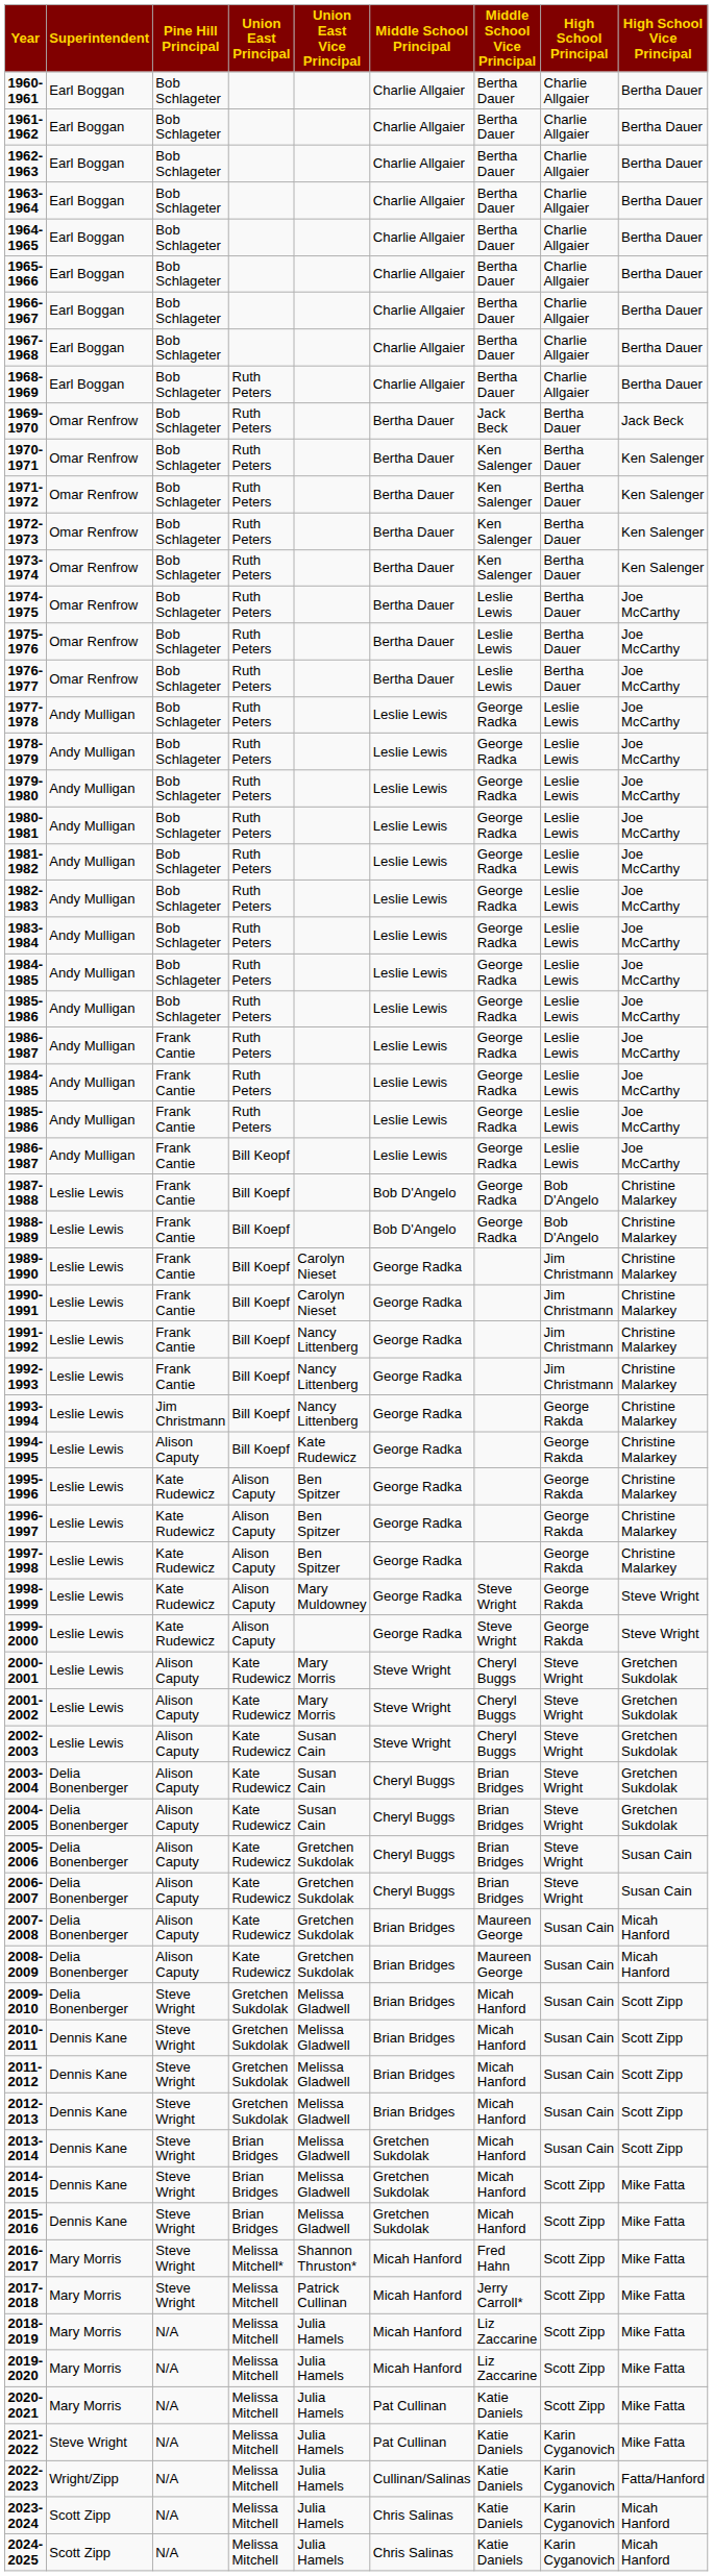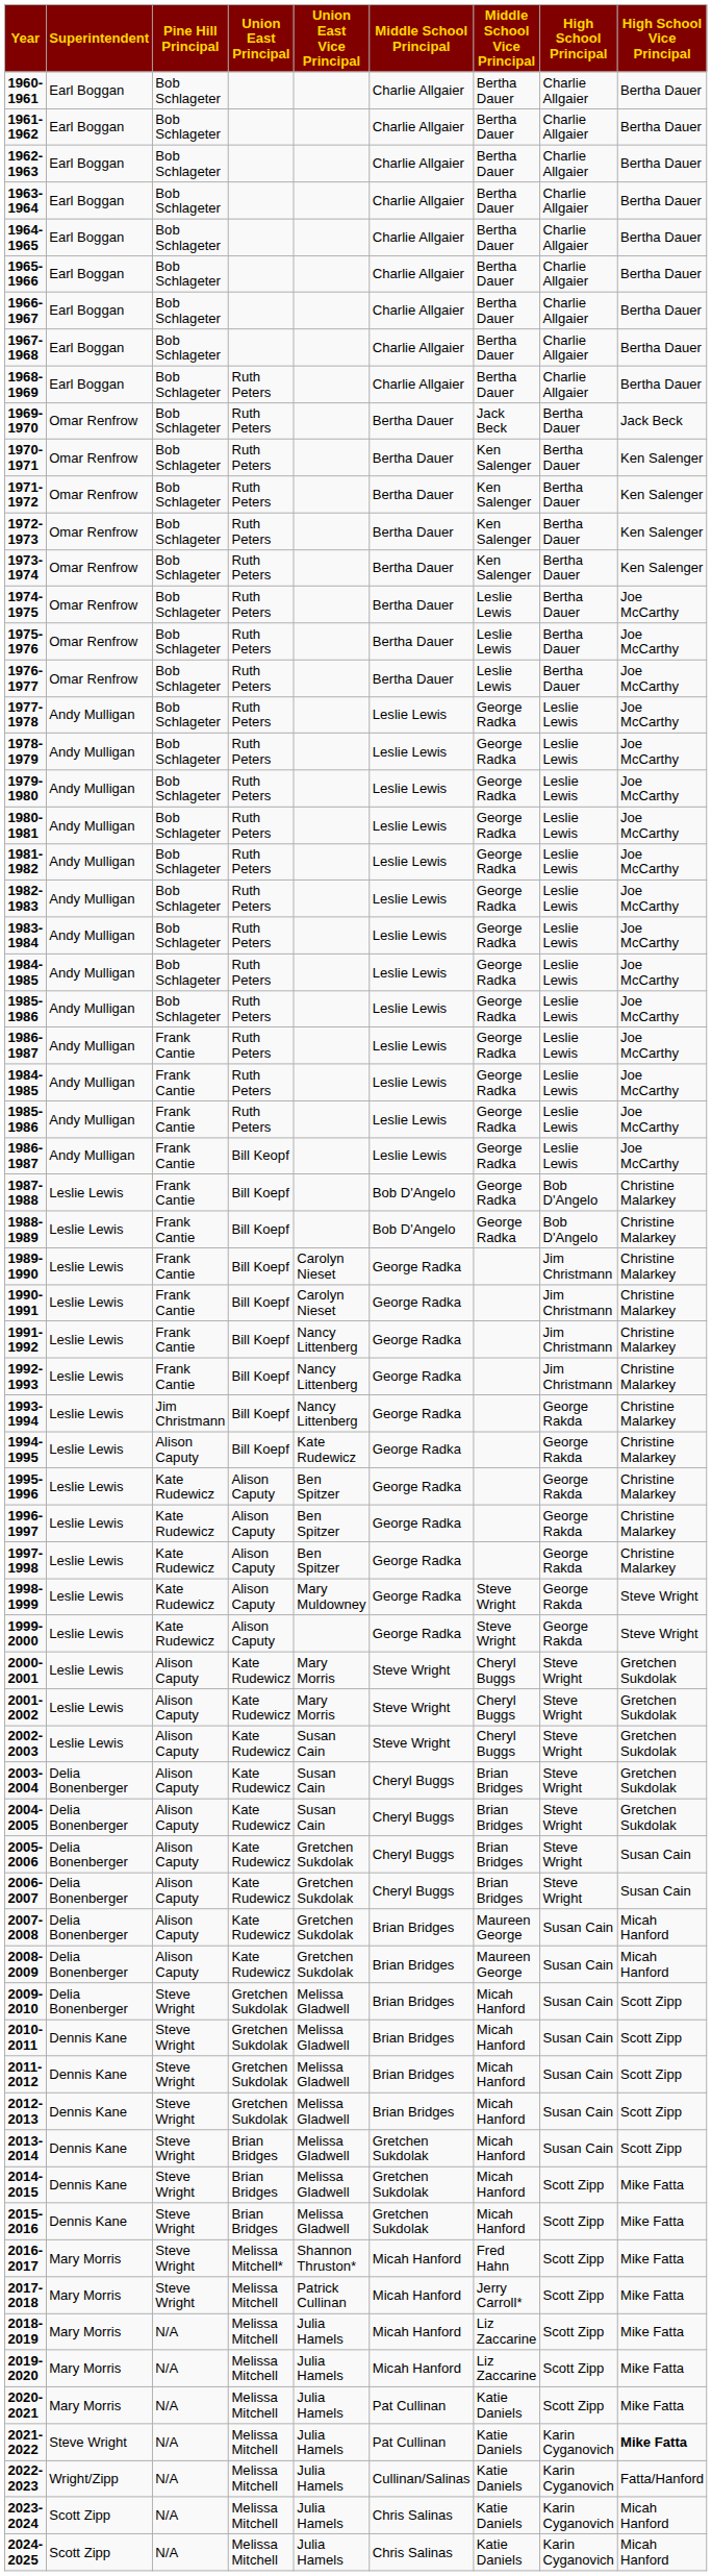 <table class="wikitable" style="width:110%; font-size:90%">
 <tr>
 <th style="background:maroon; color:gold">Year</th>
 <th style="background:maroon; color:gold">Superintendent</th>
 <th style="background:maroon; color:gold">Pine Hill<br> Principal</th>
 <th style="background:maroon; color:gold">Union East<br>Principal</th>
 <th style="background:maroon; color:gold">Union East<br>Vice Principal</th>
 <th style="background:maroon; color:gold">Middle School<br>Principal</th>
 <th style="background:maroon; color:gold">Middle School<br>Vice Principal</th>
 <th style="background:maroon; color:gold">High School<br>Principal</th>
 <th style="background:maroon; color:gold">High School<br>Vice Principal</th>
 </tr>
 <tr>
 <td><strong>1960-1961</strong></td>
 <td>Earl Boggan</td>
 <td>Bob Schlageter</td>
 <td></td>
 <td></td>
 <td>Charlie Allgaier</td>
 <td>Bertha Dauer</td>
 <td>Charlie Allgaier</td>
 <td>Bertha Dauer</td>
 </tr>
 <tr>
 <td><strong>1961-1962</strong></td>
 <td>Earl Boggan</td>
 <td>Bob Schlageter</td>
 <td></td>
 <td></td>
 <td>Charlie Allgaier</td>
 <td>Bertha Dauer</td>
 <td>Charlie Allgaier</td>
 <td>Bertha Dauer</td>
 </tr>
 <tr>
 <td><strong>1962-1963</strong></td>
 <td>Earl Boggan</td>
 <td>Bob Schlageter</td>
 <td></td>
 <td></td>
 <td>Charlie Allgaier</td>
 <td>Bertha Dauer</td>
 <td>Charlie Allgaier</td>
 <td>Bertha Dauer</td>
 </tr>
 <tr>
 <td><strong>1963-1964</strong></td>
 <td>Earl Boggan</td>
 <td>Bob Schlageter</td>
 <td></td>
 <td></td>
 <td>Charlie Allgaier</td>
 <td>Bertha Dauer</td>
 <td>Charlie Allgaier</td>
 <td>Bertha Dauer</td>
 </tr>
 <tr>
 <td><strong>1964-1965</strong></td>
 <td>Earl Boggan</td>
 <td>Bob Schlageter</td>
 <td></td>
 <td></td>
 <td>Charlie Allgaier</td>
 <td>Bertha Dauer</td>
 <td>Charlie Allgaier</td>
 <td>Bertha Dauer</td>
 </tr>
 <tr>
 <td><strong>1965-1966</strong></td>
 <td>Earl Boggan</td>
 <td>Bob Schlageter</td>
 <td></td>
 <td></td>
 <td>Charlie Allgaier</td>
 <td>Bertha Dauer</td>
 <td>Charlie Allgaier</td>
 <td>Bertha Dauer</td>
 </tr>
 <tr>
 <td><strong>1966-1967</strong></td>
 <td>Earl Boggan</td>
 <td>Bob Schlageter</td>
 <td></td>
 <td></td>
 <td>Charlie Allgaier</td>
 <td>Bertha Dauer</td>
 <td>Charlie Allgaier</td>
 <td>Bertha Dauer</td>
 </tr>
 <tr>
 <td><strong>1967-1968</strong></td>
 <td>Earl Boggan</td>
 <td>Bob Schlageter</td>
 <td></td>
 <td></td>
 <td>Charlie Allgaier</td>
 <td>Bertha Dauer</td>
 <td>Charlie Allgaier</td>
 <td>Bertha Dauer</td>
 </tr>
 <tr>
 <td><strong>1968-1969</strong></td>
 <td>Earl Boggan</td>
 <td>Bob Schlageter</td>
 <td>Ruth Peters</td>
 <td></td>
 <td>Charlie Allgaier</td>
 <td>Bertha Dauer</td>
 <td>Charlie Allgaier</td>
 <td>Bertha Dauer</td>
 </tr>
 <tr>
 <td><strong>1969-1970</strong></td>
 <td>Omar Renfrow</td>
 <td>Bob Schlageter</td>
 <td>Ruth Peters</td>
 <td></td>
 <td>Bertha Dauer</td>
 <td>Jack Beck</td>
 <td>Bertha Dauer</td>
 <td>Jack Beck</td>
 </tr>
 <tr>
 <td><strong>1970-1971</strong></td>
 <td>Omar Renfrow</td>
 <td>Bob Schlageter</td>
 <td>Ruth Peters</td>
 <td></td>
 <td>Bertha Dauer</td>
 <td>Ken Salenger</td>
 <td>Bertha Dauer</td>
 <td>Ken Salenger</td>
 </tr>
 <tr>
 <td><strong>1971-1972</strong></td>
 <td>Omar Renfrow</td>
 <td>Bob Schlageter</td>
 <td>Ruth Peters</td>
 <td></td>
 <td>Bertha Dauer</td>
 <td>Ken Salenger</td>
 <td>Bertha Dauer</td>
 <td>Ken Salenger</td>
 </tr>
 <tr>
 <td><strong>1972-1973</strong></td>
 <td>Omar Renfrow</td>
 <td>Bob Schlageter</td>
 <td>Ruth Peters</td>
 <td></td>
 <td>Bertha Dauer</td>
 <td>Ken Salenger</td>
 <td>Bertha Dauer</td>
 <td>Ken Salenger</td>
 </tr>
 <tr>
 <td><strong>1973-1974</strong></td>
 <td>Omar Renfrow</td>
 <td>Bob Schlageter</td>
 <td>Ruth Peters</td>
 <td></td>
 <td>Bertha Dauer</td>
 <td>Ken Salenger</td>
 <td>Bertha Dauer</td>
 <td>Ken Salenger</td>
 </tr>
 <tr>
 <td><strong>1974-1975</strong></td>
 <td>Omar Renfrow</td>
 <td>Bob Schlageter</td>
 <td>Ruth Peters</td>
 <td></td>
 <td>Bertha Dauer</td>
 <td>Leslie Lewis</td>
 <td>Bertha Dauer</td>
 <td>Joe McCarthy</td>
 </tr>
 <tr>
 <td><strong>1975-1976</strong></td>
 <td>Omar Renfrow</td>
 <td>Bob Schlageter</td>
 <td>Ruth Peters</td>
 <td></td>
 <td>Bertha Dauer</td>
 <td>Leslie Lewis</td>
 <td>Bertha Dauer</td>
 <td>Joe McCarthy</td>
 </tr>
 <tr>
 <td><strong>1976-1977</strong></td>
 <td>Omar Renfrow</td>
 <td>Bob Schlageter</td>
 <td>Ruth Peters</td>
 <td></td>
 <td>Bertha Dauer</td>
 <td>Leslie Lewis</td>
 <td>Bertha Dauer</td>
 <td>Joe McCarthy</td>
 </tr>
 <tr>
 <td><strong>1977-1978</strong></td>
 <td>Andy Mulligan</td>
 <td>Bob Schlageter</td>
 <td>Ruth Peters</td>
 <td></td>
 <td>Leslie Lewis</td>
 <td>George Radka</td>
 <td>Leslie Lewis</td>
 <td>Joe McCarthy</td>
 </tr>
 <tr>
 <td><strong>1978-1979</strong></td>
 <td>Andy Mulligan</td>
 <td>Bob Schlageter</td>
 <td>Ruth Peters</td>
 <td></td>
 <td>Leslie Lewis</td>
 <td>George Radka</td>
 <td>Leslie Lewis</td>
 <td>Joe McCarthy</td>
 </tr>
 <tr>
 <td><strong>1979-1980</strong></td>
 <td>Andy Mulligan</td>
 <td>Bob Schlageter</td>
 <td>Ruth Peters</td>
 <td></td>
 <td>Leslie Lewis</td>
 <td>George Radka</td>
 <td>Leslie Lewis</td>
 <td>Joe McCarthy</td>
 </tr>
 <tr>
 <td><strong>1980-1981</strong></td>
 <td>Andy Mulligan</td>
 <td>Bob Schlageter</td>
 <td>Ruth Peters</td>
 <td></td>
 <td>Leslie Lewis</td>
 <td>George Radka</td>
 <td>Leslie Lewis</td>
 <td>Joe McCarthy</td>
 </tr>
 <tr>
 <td><strong>1981-1982</strong></td>
 <td>Andy Mulligan</td>
 <td>Bob Schlageter</td>
 <td>Ruth Peters</td>
 <td></td>
 <td>Leslie Lewis</td>
 <td>George Radka</td>
 <td>Leslie Lewis</td>
 <td>Joe McCarthy</td>
 </tr>
 <tr>
 <td><strong>1982-1983</strong></td>
 <td>Andy Mulligan</td>
 <td>Bob Schlageter</td>
 <td>Ruth Peters</td>
 <td></td>
 <td>Leslie Lewis</td>
 <td>George Radka</td>
 <td>Leslie Lewis</td>
 <td>Joe McCarthy</td>
 </tr>
 <tr>
 <td><strong>1983-1984</strong></td>
 <td>Andy Mulligan</td>
 <td>Bob Schlageter</td>
 <td>Ruth Peters</td>
 <td></td>
 <td>Leslie Lewis</td>
 <td>George Radka</td>
 <td>Leslie Lewis</td>
 <td>Joe McCarthy</td>
 </tr>
 <tr>
 <td><strong>1984-1985</strong></td>
 <td>Andy Mulligan</td>
 <td>Bob Schlageter</td>
 <td>Ruth Peters</td>
 <td></td>
 <td>Leslie Lewis</td>
 <td>George Radka</td>
 <td>Leslie Lewis</td>
 <td>Joe McCarthy</td>
 </tr>
 <tr>
 <td><strong>1985-1986</strong></td>
 <td>Andy Mulligan</td>
 <td>Bob Schlageter</td>
 <td>Ruth Peters</td>
 <td></td>
 <td>Leslie Lewis</td>
 <td>George Radka</td>
 <td>Leslie Lewis</td>
 <td>Joe McCarthy</td>
 </tr>
 <tr>
 <td><strong>1986-1987</strong></td>
 <td>Andy Mulligan</td>
 <td>Frank Cantie</td>
 <td>Ruth Peters</td>
 <td></td>
 <td>Leslie Lewis</td>
 <td>George Radka</td>
 <td>Leslie Lewis</td>
 <td>Joe McCarthy</td>
 </tr>
 <tr>
 <td><strong>1984-1985</strong></td>
 <td>Andy Mulligan</td>
 <td>Frank Cantie</td>
 <td>Ruth Peters</td>
 <td></td>
 <td>Leslie Lewis</td>
 <td>George Radka</td>
 <td>Leslie Lewis</td>
 <td>Joe McCarthy</td>
 </tr>
 <tr>
 <td><strong>1985-1986</strong></td>
 <td>Andy Mulligan</td>
 <td>Frank Cantie</td>
 <td>Ruth Peters</td>
 <td></td>
 <td>Leslie Lewis</td>
 <td>George Radka</td>
 <td>Leslie Lewis</td>
 <td>Joe McCarthy</td>
 </tr>
 <tr>
 <td><strong>1986-1987</strong></td>
 <td>Andy Mulligan</td>
 <td>Frank Cantie</td>
 <td>Bill Keopf</td>
 <td></td>
 <td>Leslie Lewis</td>
 <td>George Radka</td>
 <td>Leslie Lewis</td>
 <td>Joe McCarthy</td>
 </tr>
 <tr>
 <td><strong>1987-1988</strong></td>
 <td>Leslie Lewis</td>
 <td>Frank Cantie</td>
 <td>Bill Koepf</td>
 <td></td>
 <td>Bob D'Angelo</td>
 <td>George Radka</td>
 <td>Bob D'Angelo</td>
 <td>Christine Malarkey</td>
 </tr>
 <tr>
 <td><strong>1988-1989</strong></td>
 <td>Leslie Lewis</td>
 <td>Frank Cantie</td>
 <td>Bill Koepf</td>
 <td></td>
 <td>Bob D'Angelo</td>
 <td>George Radka</td>
 <td>Bob D'Angelo</td>
 <td>Christine Malarkey</td>
 </tr>
 <tr>
 <td><strong>1989-1990</strong></td>
 <td>Leslie Lewis</td>
 <td>Frank Cantie</td>
 <td>Bill Koepf</td>
 <td>Carolyn Nieset</td>
 <td>George Radka</td>
 <td></td>
 <td>Jim Christmann</td>
 <td>Christine Malarkey</td>
 </tr>
 <tr>
 <td><strong>1990-1991</strong></td>
 <td>Leslie Lewis</td>
 <td>Frank Cantie</td>
 <td>Bill Koepf</td>
 <td>Carolyn Nieset</td>
 <td>George Radka</td>
 <td></td>
 <td>Jim Christmann</td>
 <td>Christine Malarkey</td>
 </tr>
 <tr>
 <td><strong>1991-1992</strong></td>
 <td>Leslie Lewis</td>
 <td>Frank Cantie</td>
 <td>Bill Koepf</td>
 <td>Nancy Littenberg</td>
 <td>George Radka</td>
 <td></td>
 <td>Jim Christmann</td>
 <td>Christine Malarkey</td>
 </tr>
 <tr>
 <td><strong>1992-1993</strong></td>
 <td>Leslie Lewis</td>
 <td>Frank Cantie</td>
 <td>Bill Koepf</td>
 <td>Nancy Littenberg</td>
 <td>George Radka</td>
 <td></td>
 <td>Jim Christmann</td>
 <td>Christine Malarkey</td>
 </tr>
 <tr>
 <td><strong>1993-1994</strong></td>
 <td>Leslie Lewis</td>
 <td>Jim Christmann</td>
 <td>Bill Koepf</td>
 <td>Nancy Littenberg</td>
 <td>George Radka</td>
 <td></td>
 <td>George Rakda</td>
 <td>Christine Malarkey</td>
 </tr>
 <tr>
 <td><strong>1994-1995</strong></td>
 <td>Leslie Lewis</td>
 <td>Alison Caputy</td>
 <td>Bill Koepf</td>
 <td>Kate Rudewicz</td>
 <td>George Radka</td>
 <td></td>
 <td>George Rakda</td>
 <td>Christine Malarkey</td>
 </tr>
 <tr>
 <td><strong>1995-1996</strong></td>
 <td>Leslie Lewis</td>
 <td>Kate Rudewicz</td>
 <td>Alison Caputy</td>
 <td>Ben Spitzer</td>
 <td>George Radka</td>
 <td></td>
 <td>George Rakda</td>
 <td>Christine Malarkey</td>
 </tr>
 <tr>
 <td><strong>1996-1997</strong></td>
 <td>Leslie Lewis</td>
 <td>Kate Rudewicz</td>
 <td>Alison Caputy</td>
 <td>Ben Spitzer</td>
 <td>George Radka</td>
 <td></td>
 <td>George Rakda</td>
 <td>Christine Malarkey</td>
 </tr>
 <tr>
 <td><strong>1997-1998</strong></td>
 <td>Leslie Lewis</td>
 <td>Kate Rudewicz</td>
 <td>Alison Caputy</td>
 <td>Ben Spitzer</td>
 <td>George Radka</td>
 <td></td>
 <td>George Rakda</td>
 <td>Christine Malarkey</td>
 </tr>
 <tr>
 <td><strong>1998-1999</strong></td>
 <td>Leslie Lewis</td>
 <td>Kate Rudewicz</td>
 <td>Alison Caputy</td>
 <td>Mary Muldowney</td>
 <td>George Radka</td>
 <td>Steve Wright</td>
 <td>George Rakda</td>
 <td>Steve Wright</td>
 </tr>
 <tr>
 <td><strong>1999-2000</strong></td>
 <td>Leslie Lewis</td>
 <td>Kate Rudewicz</td>
 <td>Alison Caputy</td>
 <td></td>
 <td>George Radka</td>
 <td>Steve Wright</td>
 <td>George Rakda</td>
 <td>Steve Wright</td>
 </tr>
 <tr>
 <td><strong>2000-2001</strong></td>
 <td>Leslie Lewis</td>
 <td>Alison Caputy</td>
 <td>Kate Rudewicz</td>
 <td>Mary Morris</td>
 <td>Steve Wright</td>
 <td>Cheryl Buggs</td>
 <td>Steve Wright</td>
 <td>Gretchen Sukdolak</td>
 </tr>
 <tr>
 <td><strong>2001-2002</strong></td>
 <td>Leslie Lewis</td>
 <td>Alison Caputy</td>
 <td>Kate Rudewicz</td>
 <td>Mary Morris</td>
 <td>Steve Wright</td>
 <td>Cheryl Buggs</td>
 <td>Steve Wright</td>
 <td>Gretchen Sukdolak</td>
 </tr>
 <tr>
 <td><strong>2002-2003</strong></td>
 <td>Leslie Lewis</td>
 <td>Alison Caputy</td>
 <td>Kate Rudewicz</td>
 <td>Susan Cain</td>
 <td>Steve Wright</td>
 <td>Cheryl Buggs</td>
 <td>Steve Wright</td>
 <td>Gretchen Sukdolak</td>
 </tr>
 <tr>
 <td><strong>2003-2004</strong></td>
 <td>Delia Bonenberger</td>
 <td>Alison Caputy</td>
 <td>Kate Rudewicz</td>
 <td>Susan Cain</td>
 <td>Cheryl Buggs</td>
 <td>Brian Bridges</td>
 <td>Steve Wright</td>
 <td>Gretchen Sukdolak</td>
 </tr>
 <tr>
 <td><strong>2004-2005</strong></td>
 <td>Delia Bonenberger</td>
 <td>Alison Caputy</td>
 <td>Kate Rudewicz</td>
 <td>Susan Cain</td>
 <td>Cheryl Buggs</td>
 <td>Brian Bridges</td>
 <td>Steve Wright</td>
 <td>Gretchen Sukdolak</td>
 </tr>
 <tr>
 <td><strong>2005-2006</strong></td>
 <td>Delia Bonenberger</td>
 <td>Alison Caputy</td>
 <td>Kate Rudewicz</td>
 <td>Gretchen Sukdolak</td>
 <td>Cheryl Buggs</td>
 <td>Brian Bridges</td>
 <td>Steve Wright</td>
 <td>Susan Cain</td>
 </tr>
 <tr>
 <td><strong>2006-2007</strong></td>
 <td>Delia Bonenberger</td>
 <td>Alison Caputy</td>
 <td>Kate Rudewicz</td>
 <td>Gretchen Sukdolak</td>
 <td>Cheryl Buggs</td>
 <td>Brian Bridges</td>
 <td>Steve Wright</td>
 <td>Susan Cain</td>
 </tr>
 <tr>
 <td><strong>2007-2008</strong></td>
 <td>Delia Bonenberger</td>
 <td>Alison Caputy</td>
 <td>Kate Rudewicz</td>
 <td>Gretchen Sukdolak</td>
 <td>Brian Bridges</td>
 <td>Maureen George</td>
 <td>Susan Cain</td>
 <td>Micah Hanford</td>
 </tr>
 <tr>
 <td><strong>2008-2009</strong></td>
 <td>Delia Bonenberger</td>
 <td>Alison Caputy</td>
 <td>Kate Rudewicz</td>
 <td>Gretchen Sukdolak</td>
 <td>Brian Bridges</td>
 <td>Maureen George</td>
 <td>Susan Cain</td>
 <td>Micah Hanford</td>
 </tr>
 <tr>
 <td><strong>2009-2010</strong></td>
 <td>Delia Bonenberger</td>
 <td>Steve Wright</td>
 <td>Gretchen Sukdolak</td>
 <td>Melissa Gladwell</td>
 <td>Brian Bridges</td>
 <td>Micah Hanford</td>
 <td>Susan Cain</td>
 <td>Scott Zipp</td>
 </tr>
 <tr>
 <td><strong>2010-2011</strong></td>
 <td>Dennis Kane</td>
 <td>Steve Wright</td>
 <td>Gretchen Sukdolak</td>
 <td>Melissa Gladwell</td>
 <td>Brian Bridges</td>
 <td>Micah Hanford</td>
 <td>Susan Cain</td>
 <td>Scott Zipp</td>
 </tr>
 <tr>
 <td><strong>2011-2012</strong></td>
 <td>Dennis Kane</td>
 <td>Steve Wright</td>
 <td>Gretchen Sukdolak</td>
 <td>Melissa Gladwell</td>
 <td>Brian Bridges</td>
 <td>Micah Hanford</td>
 <td>Susan Cain</td>
 <td>Scott Zipp</td>
 </tr>
 <tr>
 <td><strong>2012-2013</strong></td>
 <td>Dennis Kane</td>
 <td>Steve Wright</td>
 <td>Gretchen Sukdolak</td>
 <td>Melissa Gladwell</td>
 <td>Brian Bridges</td>
 <td>Micah Hanford</td>
 <td>Susan Cain</td>
 <td>Scott Zipp</td>
 </tr>
 <tr>
 <td><strong>2013-2014</strong></td>
 <td>Dennis Kane</td>
 <td>Steve Wright</td>
 <td>Brian Bridges</td>
 <td>Melissa Gladwell</td>
 <td>Gretchen Sukdolak</td>
 <td>Micah Hanford</td>
 <td>Susan Cain</td>
 <td>Scott Zipp</td>
 </tr>
 <tr>
 <td><strong>2014-2015</strong></td>
 <td>Dennis Kane</td>
 <td>Steve Wright</td>
 <td>Brian Bridges</td>
 <td>Melissa Gladwell</td>
 <td>Gretchen Sukdolak</td>
 <td>Micah Hanford</td>
 <td>Scott Zipp</td>
 <td>Mike Fatta</td>
 </tr>
 <tr>
 <td><strong>2015-2016</strong></td>
 <td>Dennis Kane</td>
 <td>Steve Wright</td>
 <td>Brian Bridges</td>
 <td>Melissa Gladwell</td>
 <td>Gretchen Sukdolak</td>
 <td>Micah Hanford</td>
 <td>Scott Zipp</td>
 <td>Mike Fatta</td>
 </tr>
 <tr>
 <td><strong>2016-2017</strong></td>
 <td>Mary Morris</td>
 <td>Steve Wright</td>
 <td>Melissa Mitchell*</td>
 <td>Shannon Thruston*</td>
 <td>Micah Hanford</td>
 <td>Fred Hahn</td>
 <td>Scott Zipp</td>
 <td>Mike Fatta</td>
 </tr>
 <tr>
 <td><strong>2017-2018</strong></td>
 <td>Mary Morris</td>
 <td>Steve Wright</td>
 <td>Melissa Mitchell</td>
 <td>Patrick Cullinan</td>
 <td>Micah Hanford</td>
 <td>Jerry Carroll*</td>
 <td>Scott Zipp</td>
 <td>Mike Fatta</td>
 </tr>
 <tr>
 <td><strong>2018-2019</strong></td>
 <td>Mary Morris</td>
 <td>N/A</td>
 <td>Melissa Mitchell</td>
 <td>Julia Hamels</td>
 <td>Micah Hanford</td>
 <td>Liz Zaccarine</td>
 <td>Scott Zipp</td>
 <td>Mike Fatta</td>
 </tr>
 <tr>
 <td><strong>2019-2020</strong></td>
 <td>Mary Morris</td>
 <td>N/A</td>
 <td>Melissa Mitchell</td>
 <td>Julia Hamels</td>
 <td>Micah Hanford</td>
 <td>Liz Zaccarine</td>
 <td>Scott Zipp</td>
 <td>Mike Fatta</td>
 </tr>
 <tr>
 <td><strong>2020-2021</strong></td>
 <td>Mary Morris</td>
 <td>N/A</td>
 <td>Melissa Mitchell</td>
 <td>Julia Hamels</td>
 <td>Pat Cullinan</td>
 <td>Katie Daniels</td>
 <td>Scott Zipp</td>
 <td>Mike Fatta</td>
 </tr>
 <tr>
 <td><strong>2021-2022</strong></td>
 <td>Steve Wright</td>
 <td>N/A</td>
 <td>Melissa Mitchell</td>
 <td>Julia Hamels</td>
 <td>Pat Cullinan</td>
 <td>Katie Daniels</td>
 <td>Karin Cyganovich</td>
-<td>Mike Fatta</td>
+<td><strong>Mike Fatta</strong></td>
 </tr>
 <tr>
 <td><strong>2022-2023</strong></td>
 <td>Wright/Zipp</td>
 <td>N/A</td>
 <td>Melissa Mitchell</td>
 <td>Julia Hamels</td>
 <td>Cullinan/Salinas</td>
 <td>Katie Daniels</td>
 <td>Karin Cyganovich</td>
 <td>Fatta/Hanford</td>
 </tr>
 <tr>
 <td><strong>2023-2024</strong></td>
 <td>Scott Zipp</td>
 <td>N/A</td>
 <td>Melissa Mitchell</td>
 <td>Julia Hamels</td>
 <td>Chris Salinas</td>
 <td>Katie Daniels</td>
 <td>Karin Cyganovich</td>
 <td>Micah Hanford</td>
 </tr>
 <tr>
 <td><strong>2024-2025</strong></td>
 <td>Scott Zipp</td>
 <td>N/A</td>
 <td>Melissa Mitchell</td>
 <td>Julia Hamels</td>
 <td>Chris Salinas</td>
 <td>Katie Daniels</td>
 <td>Karin Cyganovich</td>
 <td>Micah Hanford</td>
 </tr>
 </table>
